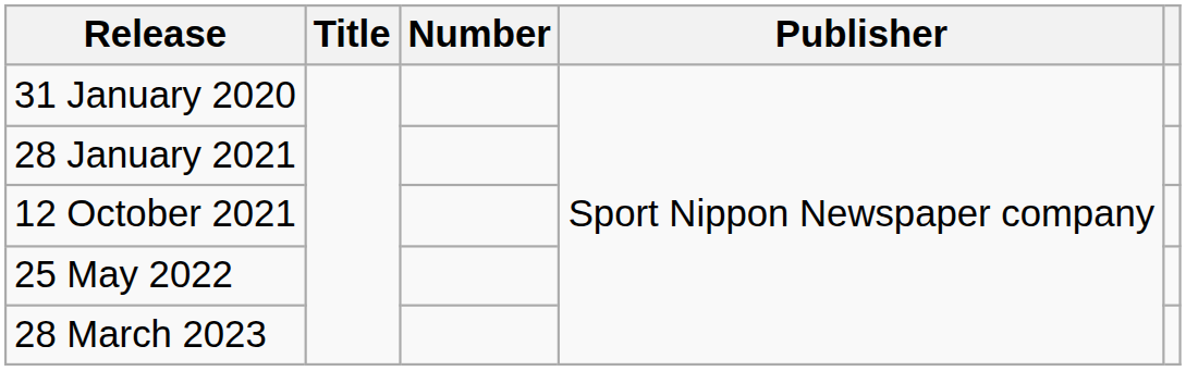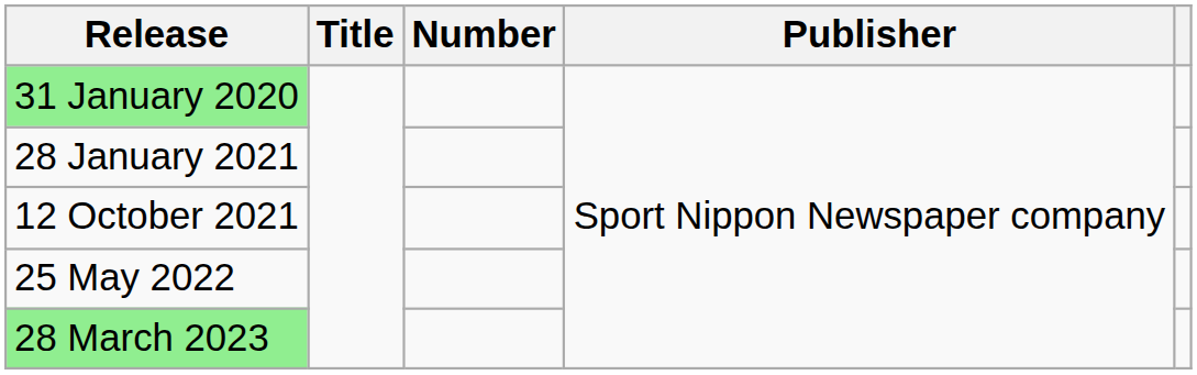 <table class="wikitable">
 <tr>
 <th>Release</th>
 <th>Title</th>
 <th>Number</th>
 <th>Publisher</th>
 <th class="unsortable"></th>
 </tr>
 <tr>
-<td>31 January 2020</td>
+<td style="background: lightgreen;">31 January 2020</td>
 <td rowspan="5"></td>
 <td></td>
 <td rowspan="5">Sport Nippon Newspaper company</td>
 <td></td>
 </tr>
 <tr>
 <td>28 January 2021</td>
 <td></td>
 <td></td>
 </tr>
 <tr>
 <td>12 October 2021</td>
 <td></td>
 <td></td>
 </tr>
 <tr>
 <td>25 May 2022</td>
 <td></td>
 <td></td>
 </tr>
 <tr>
-<td>28 March 2023</td>
+<td style="background: lightgreen;">28 March 2023</td>
 <td></td>
 <td></td>
 </tr>
 </table>
